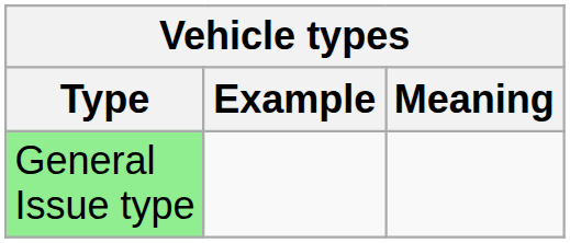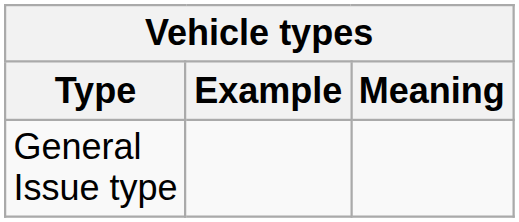 <table class="wikitable">
 <tr>
 <th colspan=5>Vehicle types</th>
 </tr>
 <tr>
 <th>Type</th>
 <th>Example</th>
 <th>Meaning</th>
 </tr>
 <tr>
-<td style="background: lightgreen;">General<br>Issue type</td>
+<td>General<br>Issue type</td>
 <td></td>
 <td></td>
 </tr>
 </table>
